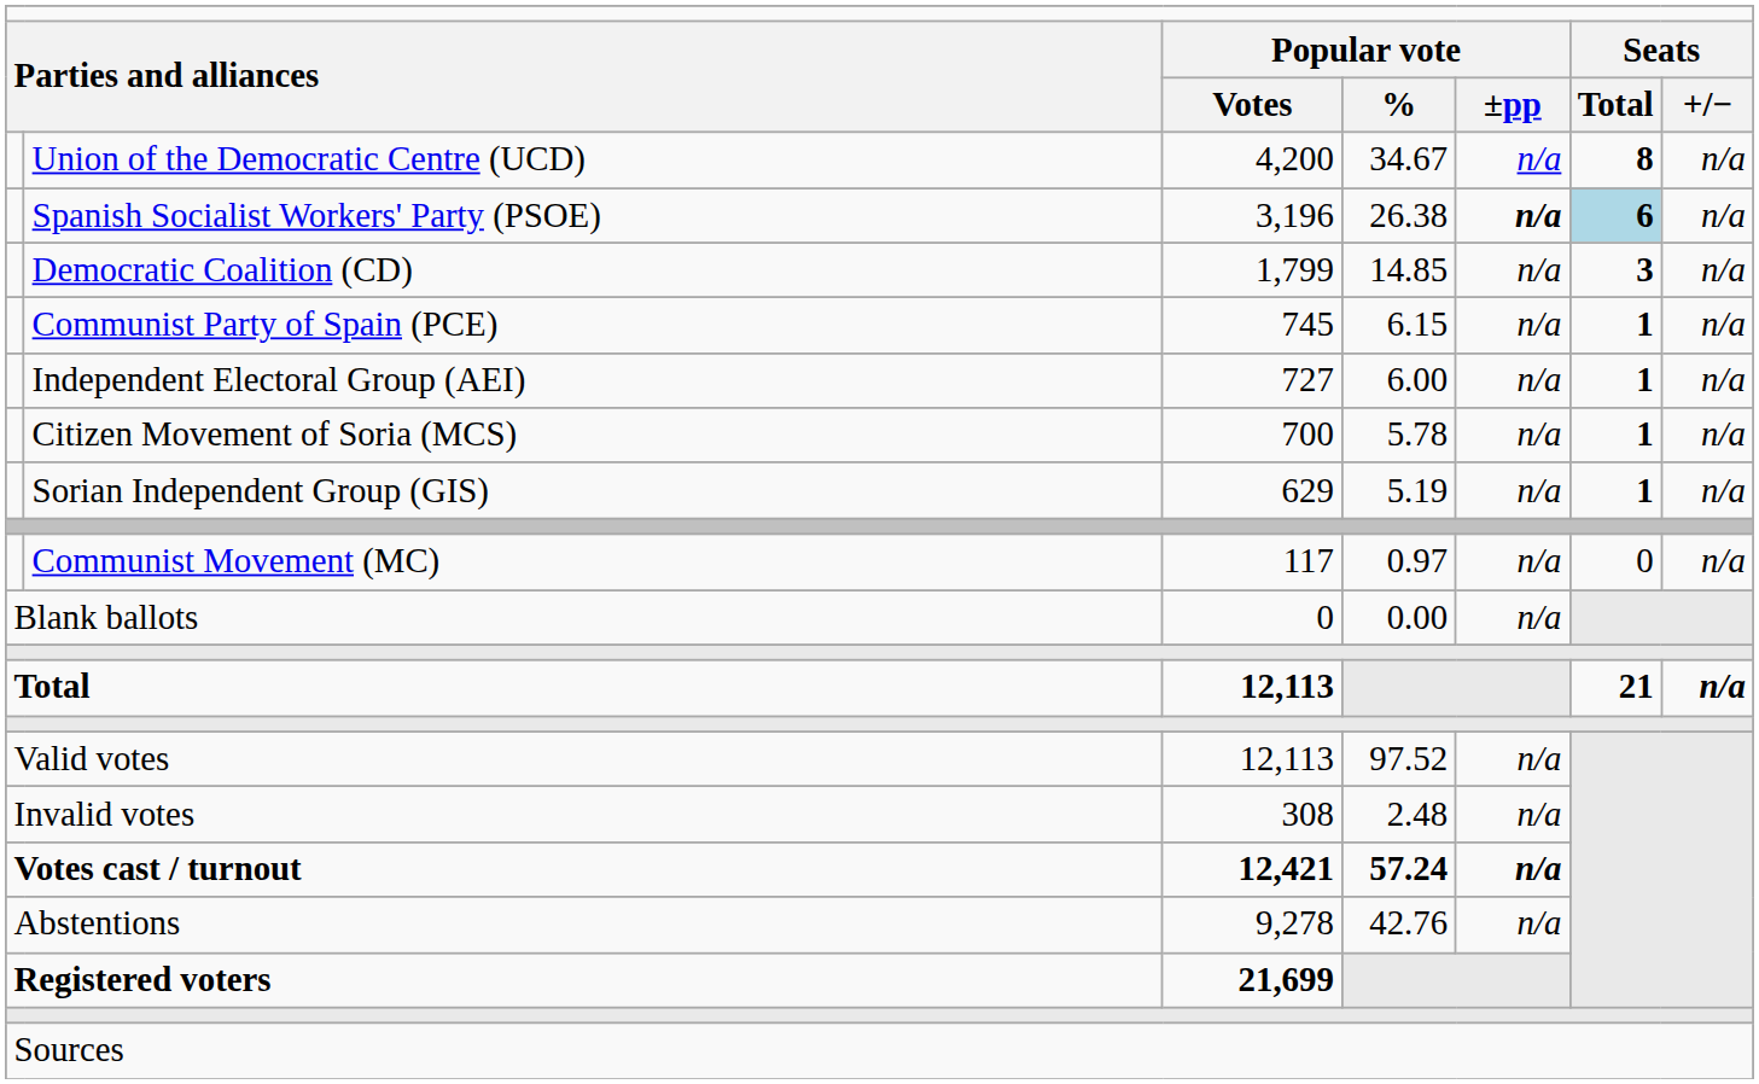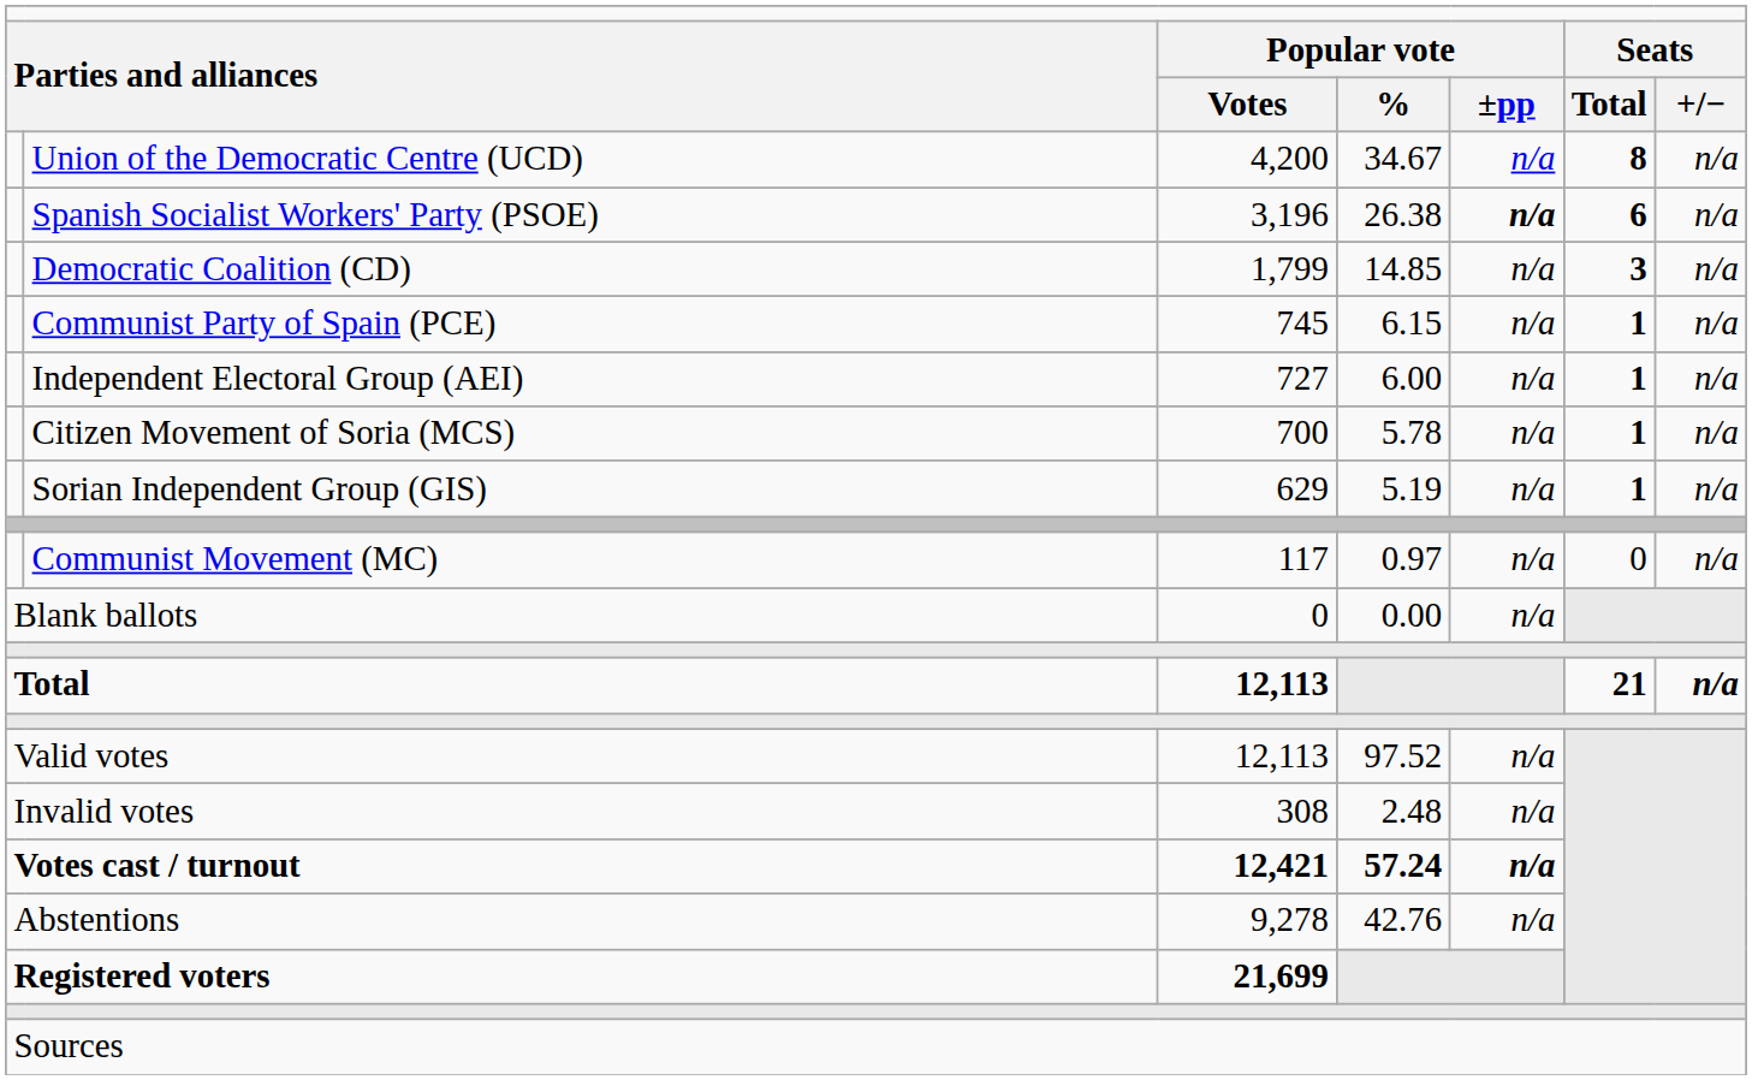 <table class="wikitable" style="text-align:right;">
 <tr>
 <td colspan="7"></td>
 </tr>
 <tr>
 <th style="text-align:left;" rowspan="2" colspan="2" width="525">Parties and alliances</th>
 <th colspan="3">Popular vote</th>
 <th colspan="2">Seats</th>
 </tr>
 <tr>
 <th width="75">Votes</th>
 <th width="45">%</th>
 <th width="45">±<a href='#'>pp</a></th>
 <th width="35">Total</th>
 <th width="35">+/−</th>
 </tr>
 <tr>
 <td width="1" style="color:inherit;background:"></td>
 <td align="left"><a href='#'>Union of the Democratic Centre</a> (UCD)</td>
 <td>4,200</td>
 <td>34.67</td>
 <td><em><a href='#'>n/a</a></em></td>
 <td><strong>8</strong></td>
 <td><em>n/a</em></td>
 </tr>
 <tr>
 <td style="color:inherit;background:"></td>
 <td align="left"><a href='#'>Spanish Socialist Workers' Party</a> (PSOE)</td>
 <td>3,196</td>
 <td>26.38</td>
 <td><strong><em>n/a</em></strong></td>
-<td style="background: lightblue;"><strong>6</strong></td>
+<td><strong>6</strong></td>
 <td><em>n/a</em></td>
 </tr>
 <tr>
 <td style="color:inherit;background:"></td>
 <td align="left"><a href='#'>Democratic Coalition</a> (CD)</td>
 <td>1,799</td>
 <td>14.85</td>
 <td><em>n/a</em></td>
 <td><strong>3</strong></td>
 <td><em>n/a</em></td>
 </tr>
 <tr>
 <td style="color:inherit;background:"></td>
 <td align="left"><a href='#'>Communist Party of Spain</a> (PCE)</td>
 <td>745</td>
 <td>6.15</td>
 <td><em>n/a</em></td>
 <td><strong>1</strong></td>
 <td><em>n/a</em></td>
 </tr>
 <tr>
 <td style="color:inherit;background:"></td>
 <td align="left">Independent Electoral Group (AEI)</td>
 <td>727</td>
 <td>6.00</td>
 <td><em>n/a</em></td>
 <td><strong>1</strong></td>
 <td><em>n/a</em></td>
 </tr>
 <tr>
 <td style="color:inherit;background:"></td>
 <td align="left">Citizen Movement of Soria (MCS)</td>
 <td>700</td>
 <td>5.78</td>
 <td><em>n/a</em></td>
 <td><strong>1</strong></td>
 <td><em>n/a</em></td>
 </tr>
 <tr>
 <td style="color:inherit;background:"></td>
 <td align="left">Sorian Independent Group (GIS)</td>
 <td>629</td>
 <td>5.19</td>
 <td><em>n/a</em></td>
 <td><strong>1</strong></td>
 <td><em>n/a</em></td>
 </tr>
 <tr>
 <td colspan="7" bgcolor="#C0C0C0"></td>
 </tr>
 <tr>
 <td style="color:inherit;background:"></td>
 <td align="left"><a href='#'>Communist Movement</a> (MC)</td>
 <td>117</td>
 <td>0.97</td>
 <td><em>n/a</em></td>
 <td>0</td>
 <td><em>n/a</em></td>
 </tr>
 <tr>
 <td align="left" colspan="2">Blank ballots</td>
 <td>0</td>
 <td>0.00</td>
 <td><em>n/a</em></td>
 <td bgcolor="#E9E9E9" colspan="2"></td>
 </tr>
 <tr>
 <td colspan="7" bgcolor="#E9E9E9"></td>
 </tr>
 <tr style="font-weight:bold;">
 <td align="left" colspan="2">Total</td>
 <td>12,113</td>
 <td bgcolor="#E9E9E9" colspan="2"></td>
 <td>21</td>
 <td><em>n/a</em></td>
 </tr>
 <tr>
 <td colspan="7" bgcolor="#E9E9E9"></td>
 </tr>
 <tr>
 <td align="left" colspan="2">Valid votes</td>
 <td>12,113</td>
 <td>97.52</td>
 <td><em>n/a</em></td>
 <td bgcolor="#E9E9E9" colspan="2" rowspan="5"></td>
 </tr>
 <tr>
 <td align="left" colspan="2">Invalid votes</td>
 <td>308</td>
 <td>2.48</td>
 <td><em>n/a</em></td>
 </tr>
 <tr style="font-weight:bold;">
 <td align="left" colspan="2">Votes cast / turnout</td>
 <td>12,421</td>
 <td>57.24</td>
 <td><em>n/a</em></td>
 </tr>
 <tr>
 <td align="left" colspan="2">Abstentions</td>
 <td>9,278</td>
 <td>42.76</td>
 <td><em>n/a</em></td>
 </tr>
 <tr style="font-weight:bold;">
 <td align="left" colspan="2">Registered voters</td>
 <td>21,699</td>
 <td bgcolor="#E9E9E9" colspan="2"></td>
 </tr>
 <tr>
 <td colspan="7" bgcolor="#E9E9E9"></td>
 </tr>
 <tr>
 <td align="left" colspan="7">Sources</td>
 </tr>
 </table>
